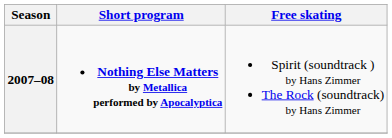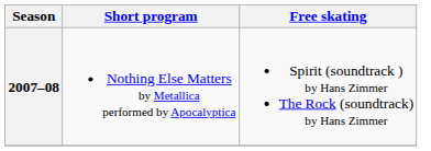 <table class=wikitable style=text-align:center>
 <tr>
 <th>Season</th>
 <th><a href='#'>Short program</a></th>
 <th><a href='#'>Free skating</a></th>
 </tr>
 <tr>
 <th>2007–08 <br> </th>
-<td><strong><br><ul><li><a href='#'>Nothing Else Matters</a> <br><small>by <a href='#'>Metallica</a> <br>performed by <a href='#'>Apocalyptica</a></small></li></ul></strong></td>
+<td><br><ul><li><a href='#'>Nothing Else Matters</a> <br><small>by <a href='#'>Metallica</a> <br>performed by <a href='#'>Apocalyptica</a></small></li></ul></td>
 <td><br><ul><li>Spirit (soundtrack ) <br><small>by Hans Zimmer</small></li><li><a href='#'>The Rock</a> (soundtrack) <br><small> by Hans Zimmer</small></li></ul></td>
 </tr>
 <tr>
 </tr>
 </table>
